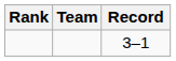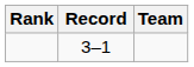 <table class="wikitable" style="text-align: center;">
 <tr>
 <th width=40>Rank</th>
+<th width=60>Record</th>
 <th width=fit>Team</th>
-<th width=60>Record</th>
 </tr>
 <tr>
 <td></td>
+<td>3–1</td>
 <td align=left></td>
-<td>3–1</td>
 </tr>
 </table>
